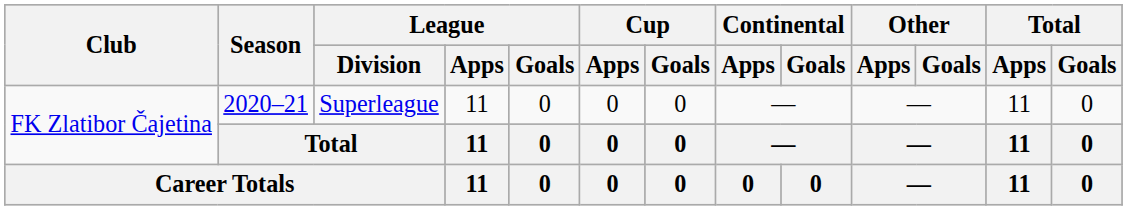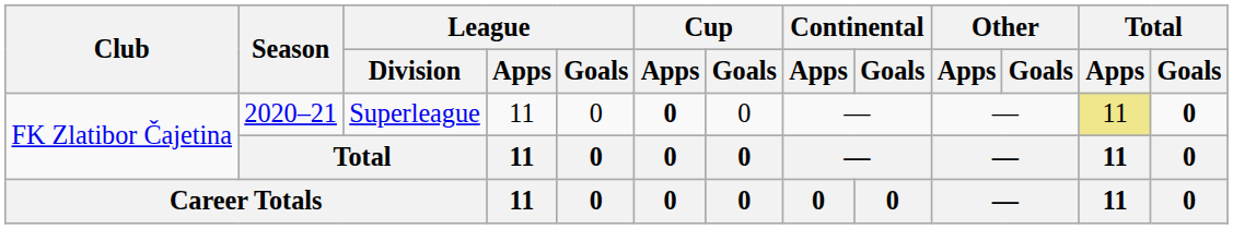 <table class="wikitable" style="text-align: center;font-size:90%">
 <tr>
 <th rowspan="2">Club</th>
 <th rowspan="2">Season</th>
 <th colspan="3">League</th>
 <th colspan="2">Cup</th>
 <th colspan="2">Continental</th>
 <th colspan="2">Other</th>
 <th colspan="2">Total</th>
 </tr>
 <tr>
 <th>Division</th>
 <th>Apps</th>
 <th>Goals</th>
 <th>Apps</th>
 <th>Goals</th>
 <th>Apps</th>
 <th>Goals</th>
 <th>Apps</th>
 <th>Goals</th>
 <th>Apps</th>
 <th>Goals</th>
 </tr>
 <tr>
 <td rowspan="2" valign="center"><a href='#'>FK Zlatibor Čajetina</a></td>
 <td><a href='#'>2020–21</a></td>
 <td><a href='#'>Superleague</a></td>
 <td>11</td>
 <td>0</td>
-<td>0</td>
+<td><strong>0</strong></td>
 <td>0</td>
 <td colspan="2">—</td>
 <td colspan="2">—</td>
-<td>11</td>
-<td>0</td>
+<td style="background: khaki;">11</td>
+<td><strong>0</strong></td>
 </tr>
 <tr>
 <th colspan="2">Total</th>
 <th>11</th>
 <th>0</th>
 <th>0</th>
 <th>0</th>
 <th colspan="2">—</th>
 <th colspan="2">—</th>
 <th>11</th>
 <th>0</th>
 </tr>
 <tr>
 <th colspan="3">Career Totals</th>
 <th>11</th>
 <th>0</th>
 <th>0</th>
 <th>0</th>
 <th>0</th>
 <th>0</th>
 <th colspan="2">—</th>
 <th>11</th>
 <th>0</th>
 </tr>
 </table>
